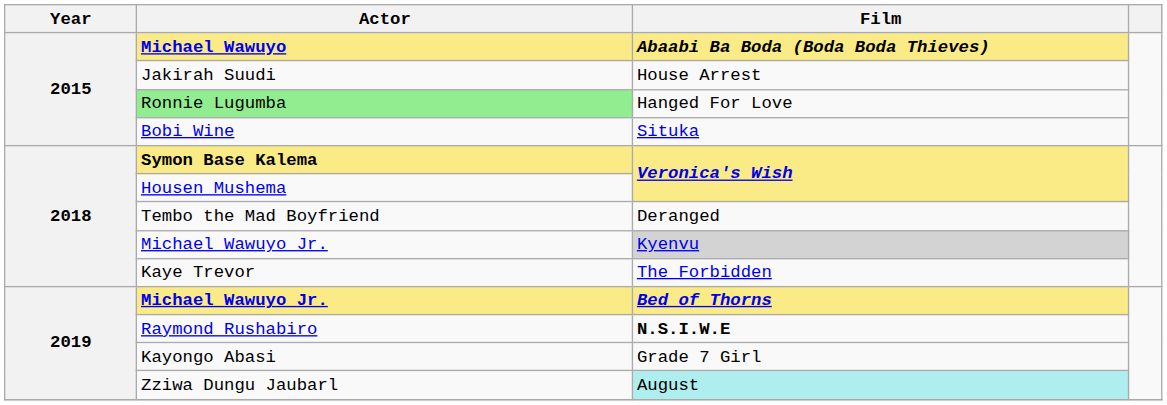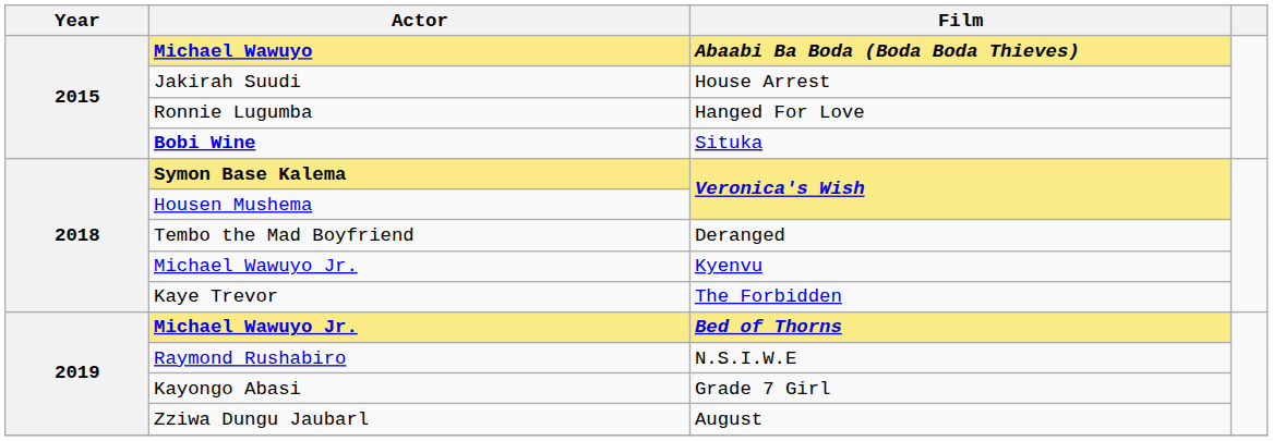 <table class="wikitable sortable">
 <tr>
 <th scope="col" style="width:8%;">Year</th>
 <th scope="col" style="width:30%;">Actor</th>
 <th scope="col" style="width:30%;">Film</th>
 <th scope="col" style="width:2%;" class="unsortable"></th>
 </tr>
 <tr>
 <th scope="row" rowspan=4 style="text-align:center;">2015 <br></th>
 <td style="background:#FAEB86;"><strong><a href='#'>Michael Wawuyo</a></strong></td>
 <td style="background:#FAEB86;"><strong><em>Abaabi Ba Boda (Boda Boda Thieves)</em></strong></td>
 <td rowspan="4"></td>
 </tr>
 <tr>
 <td>Jakirah Suudi</td>
 <td>House Arrest</td>
 </tr>
 <tr>
-<td style="background: lightgreen;">Ronnie Lugumba</td>
+<td>Ronnie Lugumba</td>
 <td>Hanged For Love</td>
 </tr>
 <tr>
-<td><a href='#'>Bobi Wine</a></td>
+<td><strong><a href='#'>Bobi Wine</a></strong></td>
 <td><a href='#'>Situka</a></td>
 </tr>
 <tr>
 <th scope="row" rowspan=5 style="text-align:center;">2018 <br></th>
 <td style="background:#FAEB86;"><strong>Symon Base Kalema</strong></td>
 <td rowspan=2 style="background:#FAEB86;"><strong><em><a href='#'>Veronica's Wish</a></em></strong></td>
 <td rowspan="5"></td>
 </tr>
 <tr>
 <td><a href='#'>Housen Mushema</a></td>
 </tr>
 <tr>
 <td>Tembo the Mad Boyfriend</td>
 <td>Deranged</td>
 </tr>
 <tr>
 <td><a href='#'>Michael Wawuyo Jr.</a></td>
-<td style="background: lightgrey;"><a href='#'>Kyenvu</a></td>
+<td><a href='#'>Kyenvu</a></td>
 </tr>
 <tr>
 <td>Kaye Trevor</td>
 <td><a href='#'>The Forbidden</a></td>
 </tr>
 <tr>
 <th scope="row" rowspan=4 style="text-align:center;">2019 <br></th>
 <td style="background:#FAEB86;"><strong><a href='#'>Michael Wawuyo Jr.</a></strong></td>
 <td style="background:#FAEB86;"><strong><em><a href='#'>Bed of Thorns</a></em></strong></td>
 <td rowspan="4"></td>
 </tr>
 <tr>
 <td><a href='#'>Raymond Rushabiro</a></td>
-<td><strong>N.S.I.W.E</strong></td>
+<td>N.S.I.W.E</td>
 </tr>
 <tr>
 <td>Kayongo Abasi</td>
 <td>Grade 7 Girl</td>
 </tr>
 <tr>
 <td>Zziwa Dungu Jaubarl</td>
-<td style="background: paleturquoise;">August</td>
+<td>August</td>
 </tr>
 <tr>
 </tr>
 </table>
